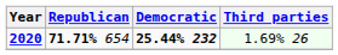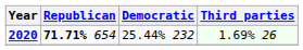 <table class="wikitable" style="float:right; font-size:95%;">
 <tr bgcolor=lightgrey>
 <th>Year</th>
 <th><a href='#'>Republican</a></th>
 <th><a href='#'>Democratic</a></th>
 <th><a href='#'>Third parties</a></th>
 </tr>
 <tr>
 <td style="text-align:center;" ><strong><a href='#'>2020</a></strong></td>
 <td style="text-align:center;" ><strong>71.71%</strong> <em>654</em></td>
-<td style="text-align:center;" ><strong>25.44% <em>232</em></strong></td>
+<td style="text-align:center;" >25.44% <em>232</em></td>
 <td style="text-align:center; background:honeyDew;">1.69% <em>26</em></td>
 </tr>
 <tr>
 </tr>
 </table>
